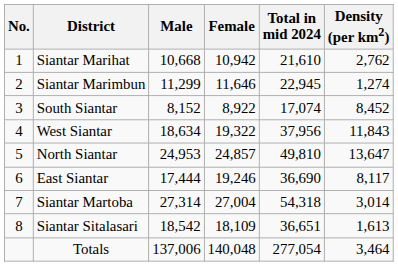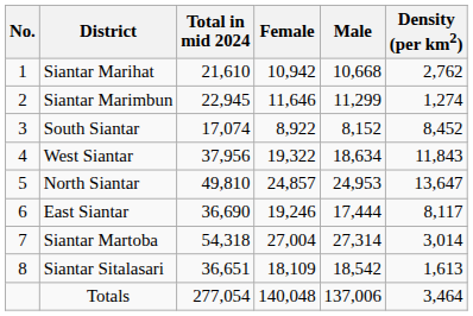 <table class="wikitable sortable" style="text-align: center">
 <tr>
 <th>No.</th>
 <th>District</th>
+<th>Total in<br>mid 2024</th>
+<th>Female</th>
 <th>Male</th>
-<th>Female</th>
-<th>Total in<br>mid 2024</th>
 <th>Density <br>(per km<sup>2</sup>)</th>
 </tr>
 <tr>
 <td>1</td>
 <td style="text-align: left">Siantar Marihat</td>
+<td align="right">21,610</td>
+<td align="right">10,942</td>
 <td align="right">10,668</td>
-<td align="right">10,942</td>
-<td align="right">21,610</td>
 <td align="right">2,762</td>
 </tr>
 <tr>
 <td>2</td>
 <td style="text-align: left">Siantar Marimbun</td>
+<td align="right">22,945</td>
+<td align="right">11,646</td>
 <td align="right">11,299</td>
-<td align="right">11,646</td>
-<td align="right">22,945</td>
 <td align="right">1,274</td>
 </tr>
 <tr>
 <td>3</td>
 <td style="text-align: left">South Siantar</td>
+<td align="right">17,074</td>
+<td align="right">8,922</td>
 <td align="right">8,152</td>
-<td align="right">8,922</td>
-<td align="right">17,074</td>
 <td align="right">8,452</td>
 </tr>
 <tr>
 <td>4</td>
 <td style="text-align: left">West Siantar</td>
+<td align="right">37,956</td>
+<td align="right">19,322</td>
 <td align="right">18,634</td>
-<td align="right">19,322</td>
-<td align="right">37,956</td>
 <td align="right">11,843</td>
 </tr>
 <tr>
 <td>5</td>
 <td style="text-align: left">North Siantar</td>
+<td align="right">49,810</td>
+<td align="right">24,857</td>
 <td align="right">24,953</td>
-<td align="right">24,857</td>
-<td align="right">49,810</td>
 <td align="right">13,647</td>
 </tr>
 <tr>
 <td>6</td>
 <td style="text-align: left">East Siantar</td>
+<td align="right">36,690</td>
+<td align="right">19,246</td>
 <td align="right">17,444</td>
-<td align="right">19,246</td>
-<td align="right">36,690</td>
 <td align="right">8,117</td>
 </tr>
 <tr>
 <td>7</td>
 <td style="text-align: left">Siantar Martoba</td>
+<td align="right">54,318</td>
+<td align="right">27,004</td>
 <td align="right">27,314</td>
-<td align="right">27,004</td>
-<td align="right">54,318</td>
 <td align="right">3,014</td>
 </tr>
 <tr>
 <td>8</td>
 <td style="text-align: left">Siantar Sitalasari</td>
+<td align="right">36,651</td>
+<td align="right">18,109</td>
 <td align="right">18,542</td>
-<td align="right">18,109</td>
-<td align="right">36,651</td>
 <td align="right">1,613</td>
 </tr>
 <tr>
 <td></td>
 <td>Totals</td>
+<td align="right">277,054</td>
+<td align="right">140,048</td>
 <td align="right">137,006</td>
-<td align="right">140,048</td>
-<td align="right">277,054</td>
 <td align="right">3,464</td>
 </tr>
 </table>
